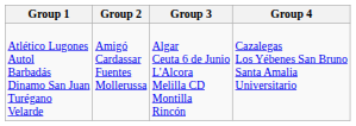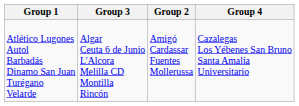 <table class="wikitable">
 <tr>
 <th>Group 1</th>
+<th>Group 3</th>
 <th>Group 2</th>
-<th>Group 3</th>
 <th>Group 4</th>
 </tr>
 <tr valign=top>
 <td><br><a href='#'>Atlético Lugones</a><br> <a href='#'>Autol</a><br> <a href='#'>Barbadás</a><br> <a href='#'>Dinamo San Juan</a><br> <a href='#'>Turégano</a><br> <a href='#'>Velarde</a></td>
+<td><br><a href='#'>Algar</a><br> <a href='#'>Ceuta 6 de Junio</a><br> <a href='#'>L'Alcora</a><br> <a href='#'>Melilla CD</a><br> <a href='#'>Montilla</a><br> <a href='#'>Rincón</a></td>
 <td><br><a href='#'>Amigó</a><br> <a href='#'>Cardassar</a><br> <a href='#'>Fuentes</a><br> <a href='#'>Mollerussa</a></td>
-<td><br><a href='#'>Algar</a><br> <a href='#'>Ceuta 6 de Junio</a><br> <a href='#'>L'Alcora</a><br> <a href='#'>Melilla CD</a><br> <a href='#'>Montilla</a><br> <a href='#'>Rincón</a></td>
 <td><br><a href='#'>Cazalegas</a><br> <a href='#'>Los Yébenes San Bruno</a><br> <a href='#'>Santa Amalia</a><br> <a href='#'>Universitario</a></td>
 </tr>
 </table>
